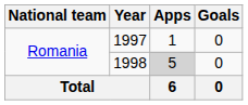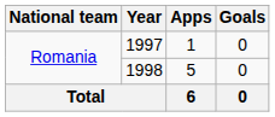 <table class="wikitable" style="text-align:center">
 <tr>
 <th>National team</th>
 <th>Year</th>
 <th>Apps</th>
 <th>Goals</th>
 </tr>
 <tr>
 <td rowspan="2"><a href='#'>Romania</a></td>
 <td>1997</td>
 <td>1</td>
 <td>0</td>
 </tr>
 <tr>
 <td>1998</td>
-<td style="background: lightgrey;">5</td>
+<td>5</td>
 <td>0</td>
 </tr>
 <tr>
 <th colspan="2">Total</th>
 <th>6</th>
 <th>0</th>
 </tr>
 </table>
